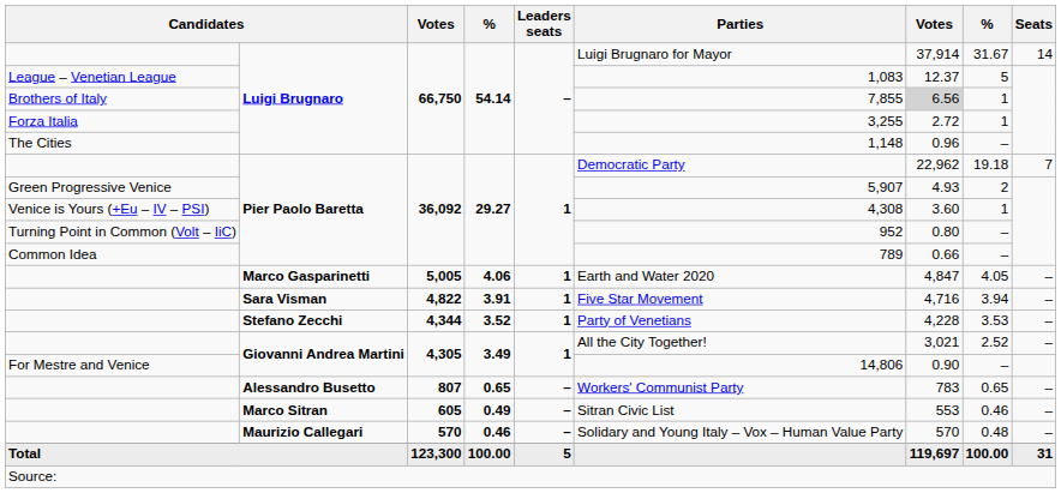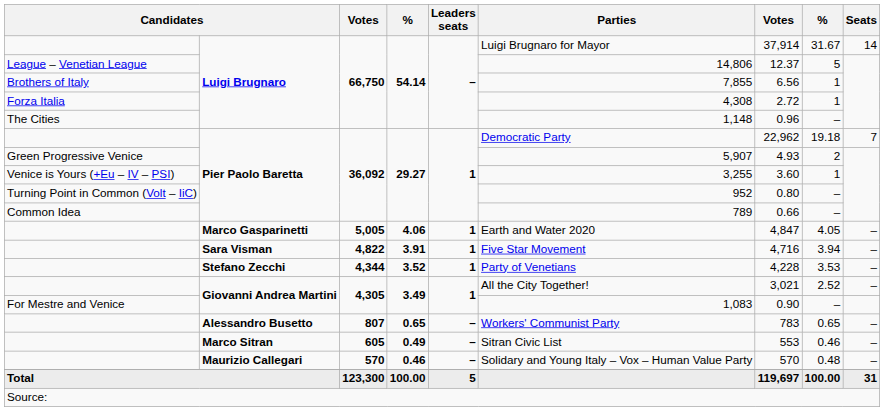 <table class="wikitable" style="text-align:left">
 <tr>
 <th colspan=2>Candidates</th>
 <th>Votes</th>
 <th>%</th>
 <th>Leaders<br> seats</th>
 <th>Parties</th>
 <th>Votes</th>
 <th>%</th>
 <th>Seats</th>
 </tr>
 <tr>
 <td></td>
 <td rowspan=5><strong><a href='#'>Luigi Brugnaro</a></strong></td>
 <td rowspan=5 align=right><strong>66,750</strong></td>
 <td rowspan=5 align=right><strong>54.14</strong></td>
 <td rowspan=5 align=right><strong>–</strong></td>
 <td>Luigi Brugnaro for Mayor</td>
 <td align=right>37,914</td>
 <td align=right>31.67</td>
 <td align=right>14</td>
 </tr>
 <tr>
 <td><a href='#'>League</a> – <a href='#'>Venetian League</a></td>
-<td align=right>1,083</td>
+<td align=right>14,806</td>
 <td align=right>12.37</td>
 <td align=right>5</td>
 </tr>
 <tr>
 <td><a href='#'>Brothers of Italy</a></td>
 <td align=right>7,855</td>
-<td align=right style="background: lightgrey;">6.56</td>
+<td align=right>6.56</td>
 <td align=right>1</td>
 </tr>
 <tr>
 <td><a href='#'>Forza Italia</a></td>
-<td align=right>3,255</td>
+<td align=right>4,308</td>
 <td align=right>2.72</td>
 <td align=right>1</td>
 </tr>
 <tr>
 <td>The Cities</td>
 <td align=right>1,148</td>
 <td align=right>0.96</td>
 <td align=right>–</td>
 </tr>
 <tr>
 <td></td>
 <td rowspan=5><strong>Pier Paolo Baretta</strong></td>
 <td rowspan=5 align=right><strong>36,092</strong></td>
 <td rowspan=5 align=right><strong>29.27</strong></td>
 <td rowspan=5 align=right><strong>1</strong></td>
 <td><a href='#'>Democratic Party</a></td>
 <td align=right>22,962</td>
 <td align=right>19.18</td>
 <td align=right>7</td>
 </tr>
 <tr>
 <td>Green Progressive Venice</td>
 <td align=right>5,907</td>
 <td align=right>4.93</td>
 <td align=right>2</td>
 </tr>
 <tr>
 <td>Venice is Yours (<a href='#'>+Eu</a> – <a href='#'>IV</a> – <a href='#'>PSI</a>)</td>
-<td align=right>4,308</td>
+<td align=right>3,255</td>
 <td align=right>3.60</td>
 <td align=right>1</td>
 </tr>
 <tr>
 <td>Turning Point in Common (<a href='#'>Volt</a> – <a href='#'>IiC</a>)</td>
 <td align=right>952</td>
 <td align=right>0.80</td>
 <td align=right>–</td>
 </tr>
 <tr>
 <td>Common Idea</td>
 <td align=right>789</td>
 <td align=right>0.66</td>
 <td align=right>–</td>
 </tr>
 <tr>
 <td></td>
 <td><strong>Marco Gasparinetti</strong></td>
 <td align=right><strong>5,005</strong></td>
 <td align=right><strong>4.06</strong></td>
 <td align=right><strong>1</strong></td>
 <td>Earth and Water 2020</td>
 <td align=right>4,847</td>
 <td align=right>4.05</td>
 <td align=right>–</td>
 </tr>
 <tr>
 <td></td>
 <td><strong>Sara Visman</strong></td>
 <td align=right><strong>4,822</strong></td>
 <td align=right><strong>3.91</strong></td>
 <td align=right><strong>1</strong></td>
 <td><a href='#'>Five Star Movement</a></td>
 <td align=right>4,716</td>
 <td align=right>3.94</td>
 <td align=right>–</td>
 </tr>
 <tr>
 <td></td>
 <td><strong>Stefano Zecchi</strong></td>
 <td align=right><strong>4,344</strong></td>
 <td align=right><strong>3.52</strong></td>
 <td align=right><strong>1</strong></td>
 <td><a href='#'>Party of Venetians</a></td>
 <td align=right>4,228</td>
 <td align=right>3.53</td>
 <td align=right>–</td>
 </tr>
 <tr>
 <td></td>
 <td rowspan=2><strong>Giovanni Andrea Martini</strong></td>
 <td rowspan=2 align=right><strong>4,305</strong></td>
 <td rowspan=2 align=right><strong>3.49</strong></td>
 <td rowspan=2 align=right><strong>1</strong></td>
 <td>All the City Together!</td>
 <td align=right>3,021</td>
 <td align=right>2.52</td>
 <td align=right>–</td>
 </tr>
 <tr>
 <td>For Mestre and Venice</td>
-<td align=right>14,806</td>
+<td align=right>1,083</td>
 <td align=right>0.90</td>
 <td align=right>–</td>
 </tr>
 <tr>
 <td></td>
 <td><strong>Alessandro Busetto</strong></td>
 <td align=right><strong>807</strong></td>
 <td align=right><strong>0.65</strong></td>
 <td align=right><strong>–</strong></td>
 <td><a href='#'>Workers' Communist Party</a></td>
 <td align=right>783</td>
 <td align=right>0.65</td>
 <td align=right>–</td>
 </tr>
 <tr>
 <td></td>
 <td><strong>Marco Sitran</strong></td>
 <td align=right><strong>605</strong></td>
 <td align=right><strong>0.49</strong></td>
 <td align=right><strong>–</strong></td>
 <td>Sitran Civic List</td>
 <td align=right>553</td>
 <td align=right>0.46</td>
 <td align=right>–</td>
 </tr>
 <tr>
 <td></td>
 <td><strong>Maurizio Callegari</strong></td>
 <td align=right><strong>570</strong></td>
 <td align=right><strong>0.46</strong></td>
 <td align=right><strong>–</strong></td>
 <td>Solidary and Young Italy – Vox – Human Value Party</td>
 <td align=right>570</td>
 <td align=right>0.48</td>
 <td align=right>–</td>
 </tr>
 <tr>
 </tr>
 <tr bgcolor=ececec>
 <td colspan="2"><strong>Total</strong></td>
 <td align=right><strong>123,300</strong></td>
 <td align=right><strong>100.00</strong></td>
 <td align=right><strong>5</strong></td>
 <td align=right></td>
 <td align=right><strong>119,697</strong></td>
 <td align=right><strong>100.00</strong></td>
 <td align=right><strong>31</strong></td>
 </tr>
 <tr>
 <td style="text-align:left;" colspan="9">Source: </td>
 </tr>
 </table>
